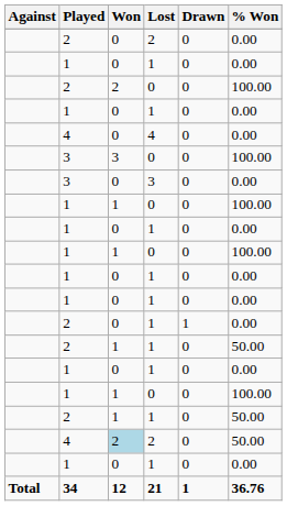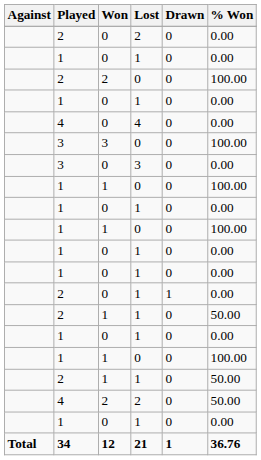 <table class="sortable wikitable" style="font-size: 87%;">
 <tr>
 <th>Against</th>
 <th>Played</th>
 <th>Won</th>
 <th>Lost</th>
 <th>Drawn</th>
 <th>% Won</th>
 </tr>
 <tr bgcolor="#d0ffd0" align="center">
 </tr>
 <tr>
 <td align="left"></td>
 <td>2</td>
 <td>0</td>
 <td>2</td>
 <td>0</td>
 <td>0.00</td>
 </tr>
 <tr>
 <td align="left"></td>
 <td>1</td>
 <td>0</td>
 <td>1</td>
 <td>0</td>
 <td>0.00</td>
 </tr>
 <tr>
 <td align="left"></td>
 <td>2</td>
 <td>2</td>
 <td>0</td>
 <td>0</td>
 <td>100.00</td>
 </tr>
 <tr>
 <td align="left"></td>
 <td>1</td>
 <td>0</td>
 <td>1</td>
 <td>0</td>
 <td>0.00</td>
 </tr>
 <tr>
 <td align="left"></td>
 <td>4</td>
 <td>0</td>
 <td>4</td>
 <td>0</td>
 <td>0.00</td>
 </tr>
 <tr>
 <td align="left"></td>
 <td>3</td>
 <td>3</td>
 <td>0</td>
 <td>0</td>
 <td>100.00</td>
 </tr>
 <tr>
 <td align="left"></td>
 <td>3</td>
 <td>0</td>
 <td>3</td>
 <td>0</td>
 <td>0.00</td>
 </tr>
 <tr>
 <td align="left"></td>
 <td>1</td>
 <td>1</td>
 <td>0</td>
 <td>0</td>
 <td>100.00</td>
 </tr>
 <tr>
 <td align="left"></td>
 <td>1</td>
 <td>0</td>
 <td>1</td>
 <td>0</td>
 <td>0.00</td>
 </tr>
 <tr>
 <td align="left"></td>
 <td>1</td>
 <td>1</td>
 <td>0</td>
 <td>0</td>
 <td>100.00</td>
 </tr>
 <tr>
 <td align="left"></td>
 <td>1</td>
 <td>0</td>
 <td>1</td>
 <td>0</td>
 <td>0.00</td>
 </tr>
 <tr>
 <td align="left"></td>
 <td>1</td>
 <td>0</td>
 <td>1</td>
 <td>0</td>
 <td>0.00</td>
 </tr>
 <tr>
 <td align="left"></td>
 <td>2</td>
 <td>0</td>
 <td>1</td>
 <td>1</td>
 <td>0.00</td>
 </tr>
 <tr>
 <td align="left"></td>
 <td>2</td>
 <td>1</td>
 <td>1</td>
 <td>0</td>
 <td>50.00</td>
 </tr>
 <tr>
 <td align="left"></td>
 <td>1</td>
 <td>0</td>
 <td>1</td>
 <td>0</td>
 <td>0.00</td>
 </tr>
 <tr>
 <td align="left"></td>
 <td>1</td>
 <td>1</td>
 <td>0</td>
 <td>0</td>
 <td>100.00</td>
 </tr>
 <tr>
 <td align="left"></td>
 <td>2</td>
 <td>1</td>
 <td>1</td>
 <td>0</td>
 <td>50.00</td>
 </tr>
 <tr>
 <td align="left"></td>
 <td>4</td>
-<td style="background: lightblue;">2</td>
+<td>2</td>
 <td>2</td>
 <td>0</td>
 <td>50.00</td>
 </tr>
 <tr>
 <td align="left"></td>
 <td>1</td>
 <td>0</td>
 <td>1</td>
 <td>0</td>
 <td>0.00</td>
 </tr>
 <tr>
 <td align="left"><strong>Total</strong></td>
 <td><strong>34</strong></td>
 <td><strong>12</strong></td>
 <td><strong>21</strong></td>
 <td><strong>1</strong></td>
 <td><strong>36.76</strong></td>
 </tr>
 </table>
